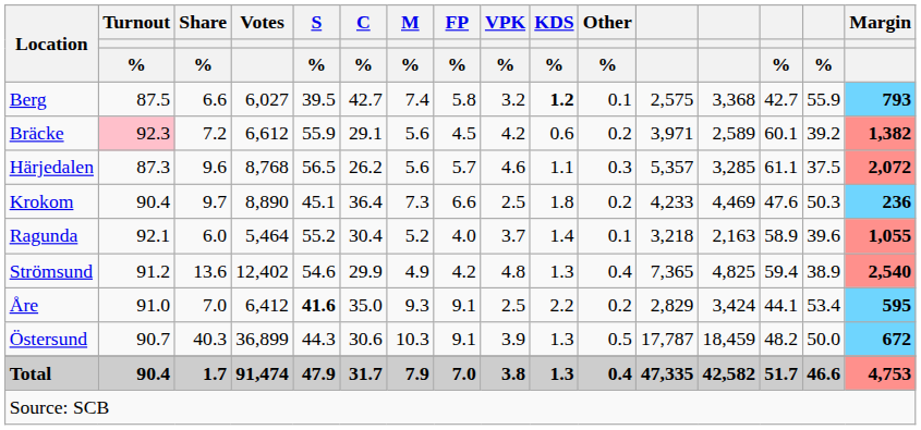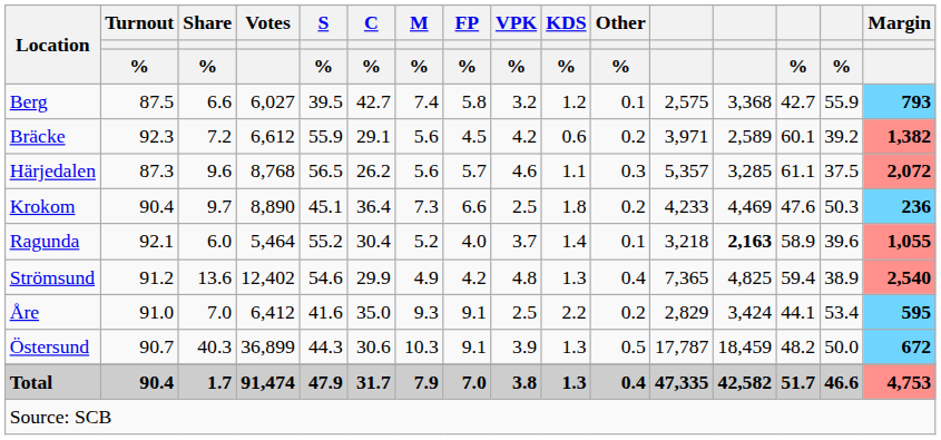 <table class="wikitable sortable" style="text-align:right; font-size:95%; line-height:20px;">
 <tr>
 <th rowspan="3">Location</th>
 <th>Turnout</th>
 <th>Share</th>
 <th>Votes</th>
 <th width="30px" class="unsortable"><a href='#'>S</a></th>
 <th width="30px" class="unsortable"><a href='#'>C</a></th>
 <th width="30px" class="unsortable"><a href='#'>M</a></th>
 <th width="30px" class="unsortable"><a href='#'>FP</a></th>
 <th width="30px" class="unsortable"><a href='#'>VPK</a></th>
 <th width="30px" class="unsortable"><a href='#'>KDS</a></th>
 <th width="30px" class="unsortable">Other</th>
 <th></th>
 <th></th>
 <th></th>
 <th></th>
 <th>Margin</th>
 </tr>
 <tr>
 <th></th>
 <th></th>
 <th></th>
 <th style="background:"></th>
 <th style="background:"></th>
 <th style="background:"></th>
 <th style="background:"></th>
 <th style="background:"></th>
 <th style="background:"></th>
 <th style="background:"></th>
 <th style="background:"></th>
 <th style="background:"></th>
 <th style="background:"></th>
 <th style="background:"></th>
 <th></th>
 </tr>
 <tr>
 <th data-sort-type="number">%</th>
 <th data-sort-type="number">%</th>
 <th></th>
 <th data-sort-type="number">%</th>
 <th data-sort-type="number">%</th>
 <th data-sort-type="number">%</th>
 <th data-sort-type="number">%</th>
 <th data-sort-type="number">%</th>
 <th data-sort-type="number">%</th>
 <th data-sort-type="number">%</th>
 <th data-sort-type="number"></th>
 <th data-sort-type="number"></th>
 <th data-sort-type="number">%</th>
 <th data-sort-type="number">%</th>
 <th data-sort-type="number"></th>
 </tr>
 <tr>
 <td align=left><a href='#'>Berg</a></td>
 <td>87.5</td>
 <td>6.6</td>
 <td>6,027</td>
 <td>39.5</td>
 <td>42.7</td>
 <td>7.4</td>
 <td>5.8</td>
 <td>3.2</td>
-<td><strong>1.2</strong></td>
+<td>1.2</td>
 <td>0.1</td>
 <td>2,575</td>
 <td>3,368</td>
 <td>42.7</td>
 <td>55.9</td>
 <td bgcolor=#6fd5fe><strong>793</strong></td>
 </tr>
 <tr>
 <td align=left><a href='#'>Bräcke</a></td>
-<td style="background: pink;">92.3</td>
+<td>92.3</td>
 <td>7.2</td>
 <td>6,612</td>
 <td>55.9</td>
 <td>29.1</td>
 <td>5.6</td>
 <td>4.5</td>
 <td>4.2</td>
 <td>0.6</td>
 <td>0.2</td>
 <td>3,971</td>
 <td>2,589</td>
 <td>60.1</td>
 <td>39.2</td>
 <td bgcolor=#ff908c><strong>1,382</strong></td>
 </tr>
 <tr>
 <td align=left><a href='#'>Härjedalen</a></td>
 <td>87.3</td>
 <td>9.6</td>
 <td>8,768</td>
 <td>56.5</td>
 <td>26.2</td>
 <td>5.6</td>
 <td>5.7</td>
 <td>4.6</td>
 <td>1.1</td>
 <td>0.3</td>
 <td>5,357</td>
 <td>3,285</td>
 <td>61.1</td>
 <td>37.5</td>
 <td bgcolor=#ff908c><strong>2,072</strong></td>
 </tr>
 <tr>
 <td align=left><a href='#'>Krokom</a></td>
 <td>90.4</td>
 <td>9.7</td>
 <td>8,890</td>
 <td>45.1</td>
 <td>36.4</td>
 <td>7.3</td>
 <td>6.6</td>
 <td>2.5</td>
 <td>1.8</td>
 <td>0.2</td>
 <td>4,233</td>
 <td>4,469</td>
 <td>47.6</td>
 <td>50.3</td>
 <td bgcolor=#6fd5fe><strong>236</strong></td>
 </tr>
 <tr>
 <td align=left><a href='#'>Ragunda</a></td>
 <td>92.1</td>
 <td>6.0</td>
 <td>5,464</td>
 <td>55.2</td>
 <td>30.4</td>
 <td>5.2</td>
 <td>4.0</td>
 <td>3.7</td>
 <td>1.4</td>
 <td>0.1</td>
 <td>3,218</td>
-<td>2,163</td>
+<td><strong>2,163</strong></td>
 <td>58.9</td>
 <td>39.6</td>
 <td bgcolor=#ff908c><strong>1,055</strong></td>
 </tr>
 <tr>
 <td align=left><a href='#'>Strömsund</a></td>
 <td>91.2</td>
 <td>13.6</td>
 <td>12,402</td>
 <td>54.6</td>
 <td>29.9</td>
 <td>4.9</td>
 <td>4.2</td>
 <td>4.8</td>
 <td>1.3</td>
 <td>0.4</td>
 <td>7,365</td>
 <td>4,825</td>
 <td>59.4</td>
 <td>38.9</td>
 <td bgcolor=#ff908c><strong>2,540</strong></td>
 </tr>
 <tr>
 <td align=left><a href='#'>Åre</a></td>
 <td>91.0</td>
 <td>7.0</td>
 <td>6,412</td>
-<td><strong>41.6</strong></td>
+<td>41.6</td>
 <td>35.0</td>
 <td>9.3</td>
 <td>9.1</td>
 <td>2.5</td>
 <td>2.2</td>
 <td>0.2</td>
 <td>2,829</td>
 <td>3,424</td>
 <td>44.1</td>
 <td>53.4</td>
 <td bgcolor=#6fd5fe><strong>595</strong></td>
 </tr>
 <tr>
 <td align=left><a href='#'>Östersund</a></td>
 <td>90.7</td>
 <td>40.3</td>
 <td>36,899</td>
 <td>44.3</td>
 <td>30.6</td>
 <td>10.3</td>
 <td>9.1</td>
 <td>3.9</td>
 <td>1.3</td>
 <td>0.5</td>
 <td>17,787</td>
 <td>18,459</td>
 <td>48.2</td>
 <td>50.0</td>
 <td bgcolor=#6fd5fe><strong>672</strong></td>
 </tr>
 <tr>
 </tr>
 <tr style="background:#CDCDCD;">
 <td align=left><strong>Total</strong></td>
 <td><strong>90.4</strong></td>
 <td><strong>1.7</strong></td>
 <td><strong>91,474</strong></td>
 <td><strong>47.9</strong></td>
 <td><strong>31.7</strong></td>
 <td><strong>7.9</strong></td>
 <td><strong>7.0</strong></td>
 <td><strong>3.8</strong></td>
 <td><strong>1.3</strong></td>
 <td><strong>0.4</strong></td>
 <td><strong>47,335</strong></td>
 <td><strong>42,582</strong></td>
 <td><strong>51.7</strong></td>
 <td><strong>46.6</strong></td>
 <td bgcolor=#ff908c><strong>4,753</strong></td>
 </tr>
 <tr>
 <td align=left colspan=16>Source: SCB </td>
 </tr>
 </table>
